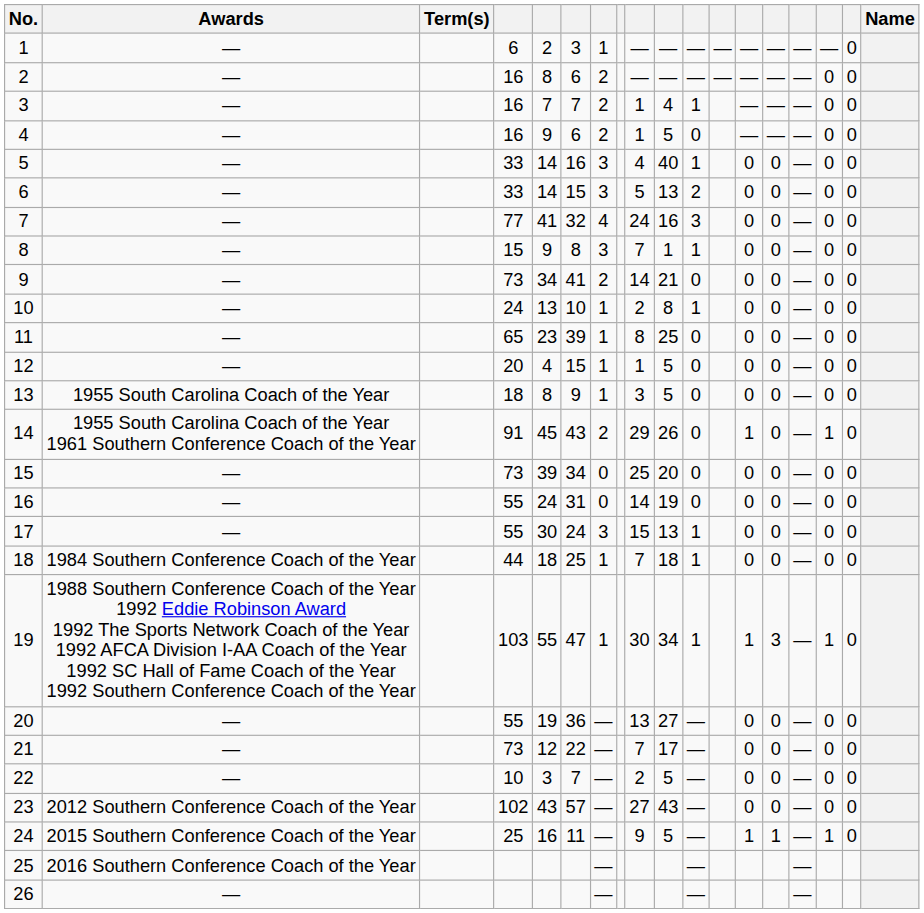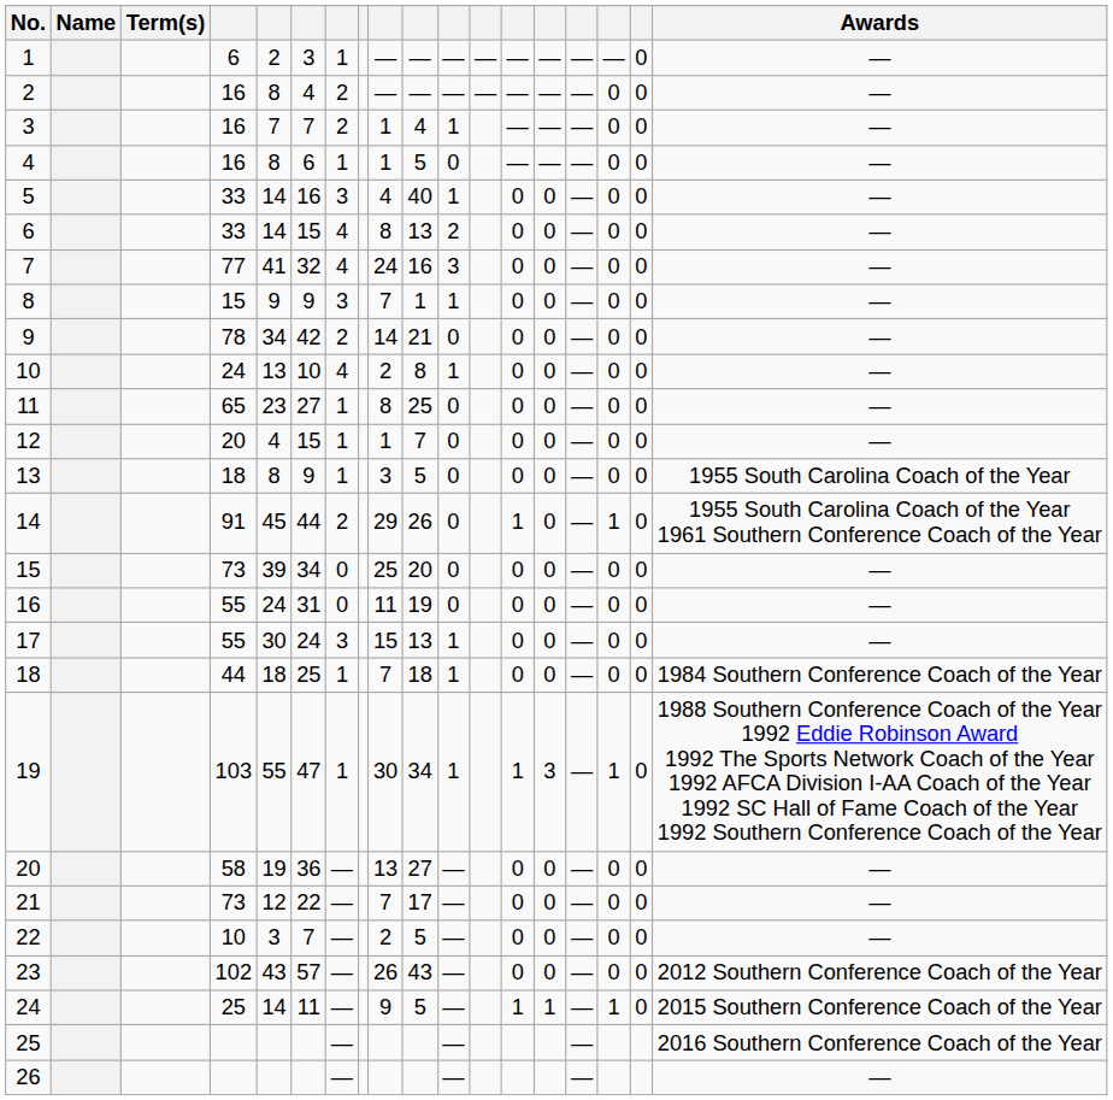 <table class="wikitable sortable" style="text-align:center">
 <tr>
 <th scope="col">No.</th>
-<th scope="col" class="unsortable">Awards</th>
+<th scope="col">Name</th>
 <th scope="col">Term(s)</th>
 <th scope="col"></th>
 <th scope="col"></th>
 <th scope="col"></th>
 <th scope="col"></th>
 <th scope="col"></th>
 <th scope="col"></th>
 <th scope="col"></th>
 <th scope="col"></th>
 <th scope="col"></th>
 <th scope="col"></th>
 <th scope="col"></th>
 <th scope="col"></th>
 <th scope="col"></th>
 <th scope="col"></th>
-<th scope="col">Name</th>
+<th scope="col" class="unsortable">Awards</th>
 </tr>
 <tr>
 <td>1</td>
-<td>—</td>
+<th scope="row"></th>
 <td></td>
 <td>6</td>
 <td>2</td>
 <td>3</td>
 <td>1</td>
 <td></td>
 <td>—</td>
 <td>—</td>
 <td>—</td>
 <td>—</td>
 <td>—</td>
 <td>—</td>
 <td>—</td>
 <td>—</td>
 <td>0</td>
-<th scope="row"></th>
+<td>—</td>
 </tr>
 <tr>
 <td>2</td>
-<td>—</td>
+<th scope="row"></th>
 <td></td>
 <td>16</td>
 <td>8</td>
-<td>6</td>
+<td>4</td>
 <td>2</td>
 <td></td>
 <td>—</td>
 <td>—</td>
 <td>—</td>
 <td>—</td>
 <td>—</td>
 <td>—</td>
 <td>—</td>
 <td>0</td>
 <td>0</td>
-<th scope="row"></th>
+<td>—</td>
 </tr>
 <tr>
 <td>3</td>
-<td>—</td>
+<th scope="row"></th>
 <td></td>
 <td>16</td>
 <td>7</td>
 <td>7</td>
 <td>2</td>
 <td></td>
 <td>1</td>
 <td>4</td>
 <td>1</td>
 <td></td>
 <td>—</td>
 <td>—</td>
 <td>—</td>
 <td>0</td>
 <td>0</td>
-<th scope="row"></th>
+<td>—</td>
 </tr>
 <tr>
 <td>4</td>
-<td>—</td>
+<th scope="row"></th>
 <td></td>
 <td>16</td>
-<td>9</td>
+<td>8</td>
 <td>6</td>
-<td>2</td>
+<td>1</td>
 <td></td>
 <td>1</td>
 <td>5</td>
 <td>0</td>
 <td></td>
 <td>—</td>
 <td>—</td>
 <td>—</td>
 <td>0</td>
 <td>0</td>
-<th scope="row"></th>
+<td>—</td>
 </tr>
 <tr>
 <td>5</td>
-<td>—</td>
+<th scope="row"></th>
 <td></td>
 <td>33</td>
 <td>14</td>
 <td>16</td>
 <td>3</td>
 <td></td>
 <td>4</td>
 <td>40</td>
 <td>1</td>
 <td></td>
 <td>0</td>
 <td>0</td>
 <td>—</td>
 <td>0</td>
 <td>0</td>
-<th scope="row"></th>
+<td>—</td>
 </tr>
 <tr>
 <td>6</td>
-<td>—</td>
+<th scope="row"></th>
 <td></td>
 <td>33</td>
 <td>14</td>
 <td>15</td>
-<td>3</td>
+<td>4</td>
 <td></td>
-<td>5</td>
+<td>8</td>
 <td>13</td>
 <td>2</td>
 <td></td>
 <td>0</td>
 <td>0</td>
 <td>—</td>
 <td>0</td>
 <td>0</td>
-<th scope="row"></th>
+<td>—</td>
 </tr>
 <tr>
 <td>7</td>
-<td>—</td>
+<th scope="row"></th>
 <td></td>
 <td>77</td>
 <td>41</td>
 <td>32</td>
 <td>4</td>
 <td></td>
 <td>24</td>
 <td>16</td>
 <td>3</td>
 <td></td>
 <td>0</td>
 <td>0</td>
 <td>—</td>
 <td>0</td>
 <td>0</td>
-<th scope="row"></th>
+<td>—</td>
 </tr>
 <tr>
 <td>8</td>
-<td>—</td>
+<th scope="row"></th>
 <td></td>
 <td>15</td>
 <td>9</td>
-<td>8</td>
+<td>9</td>
 <td>3</td>
 <td></td>
 <td>7</td>
 <td>1</td>
 <td>1</td>
 <td></td>
 <td>0</td>
 <td>0</td>
 <td>—</td>
 <td>0</td>
 <td>0</td>
-<th scope="row"></th>
+<td>—</td>
 </tr>
 <tr>
 <td>9</td>
-<td>—</td>
+<th scope="row"></th>
 <td></td>
-<td>73</td>
+<td>78</td>
 <td>34</td>
-<td>41</td>
+<td>42</td>
 <td>2</td>
 <td></td>
 <td>14</td>
 <td>21</td>
 <td>0</td>
 <td></td>
 <td>0</td>
 <td>0</td>
 <td>—</td>
 <td>0</td>
 <td>0</td>
-<th scope="row"></th>
+<td>—</td>
 </tr>
 <tr>
 <td>10</td>
-<td>—</td>
+<th scope="row"></th>
 <td></td>
 <td>24</td>
 <td>13</td>
 <td>10</td>
-<td>1</td>
+<td>4</td>
 <td></td>
 <td>2</td>
 <td>8</td>
 <td>1</td>
 <td></td>
 <td>0</td>
 <td>0</td>
 <td>—</td>
 <td>0</td>
 <td>0</td>
-<th scope="row"></th>
+<td>—</td>
 </tr>
 <tr>
 <td>11</td>
-<td>—</td>
+<th scope="row"></th>
 <td></td>
 <td>65</td>
 <td>23</td>
-<td>39</td>
+<td>27</td>
 <td>1</td>
 <td></td>
 <td>8</td>
 <td>25</td>
 <td>0</td>
 <td></td>
 <td>0</td>
 <td>0</td>
 <td>—</td>
 <td>0</td>
 <td>0</td>
-<th scope="row"></th>
+<td>—</td>
 </tr>
 <tr>
 <td>12</td>
-<td>—</td>
+<th scope="row"></th>
 <td></td>
 <td>20</td>
 <td>4</td>
 <td>15</td>
 <td>1</td>
 <td></td>
 <td>1</td>
-<td>5</td>
+<td>7</td>
 <td>0</td>
 <td></td>
 <td>0</td>
 <td>0</td>
 <td>—</td>
 <td>0</td>
 <td>0</td>
-<th scope="row"></th>
+<td>—</td>
 </tr>
 <tr>
 <td>13</td>
-<td>1955 South Carolina Coach of the Year</td>
+<th scope="row"></th>
 <td></td>
 <td>18</td>
 <td>8</td>
 <td>9</td>
 <td>1</td>
 <td></td>
 <td>3</td>
 <td>5</td>
 <td>0</td>
 <td></td>
 <td>0</td>
 <td>0</td>
 <td>—</td>
 <td>0</td>
 <td>0</td>
-<th scope="row"></th>
+<td>1955 South Carolina Coach of the Year</td>
 </tr>
 <tr>
 <td>14</td>
-<td>1955 South Carolina Coach of the Year<br>1961 Southern Conference Coach of the Year</td>
+<th scope="row"></th>
 <td></td>
 <td>91</td>
 <td>45</td>
-<td>43</td>
+<td>44</td>
 <td>2</td>
 <td></td>
 <td>29</td>
 <td>26</td>
 <td>0</td>
 <td></td>
 <td>1</td>
 <td>0</td>
 <td>—</td>
 <td>1</td>
 <td>0</td>
-<th scope="row"></th>
+<td>1955 South Carolina Coach of the Year<br>1961 Southern Conference Coach of the Year</td>
 </tr>
 <tr>
 <td>15</td>
-<td>—</td>
+<th scope="row"></th>
 <td></td>
 <td>73</td>
 <td>39</td>
 <td>34</td>
 <td>0</td>
 <td></td>
 <td>25</td>
 <td>20</td>
 <td>0</td>
 <td></td>
 <td>0</td>
 <td>0</td>
 <td>—</td>
 <td>0</td>
 <td>0</td>
-<th scope="row"></th>
+<td>—</td>
 </tr>
 <tr>
 <td>16</td>
-<td>—</td>
+<th scope="row"></th>
 <td></td>
 <td>55</td>
 <td>24</td>
 <td>31</td>
 <td>0</td>
 <td></td>
-<td>14</td>
+<td>11</td>
 <td>19</td>
 <td>0</td>
 <td></td>
 <td>0</td>
 <td>0</td>
 <td>—</td>
 <td>0</td>
 <td>0</td>
-<th scope="row"></th>
+<td>—</td>
 </tr>
 <tr>
 <td>17</td>
-<td>—</td>
+<th scope="row"></th>
 <td></td>
 <td>55</td>
 <td>30</td>
 <td>24</td>
 <td>3</td>
 <td></td>
 <td>15</td>
 <td>13</td>
 <td>1</td>
 <td></td>
 <td>0</td>
 <td>0</td>
 <td>—</td>
 <td>0</td>
 <td>0</td>
-<th scope="row"></th>
+<td>—</td>
 </tr>
 <tr>
 <td>18</td>
-<td>1984 Southern Conference Coach of the Year</td>
+<th scope="row"></th>
 <td></td>
 <td>44</td>
 <td>18</td>
 <td>25</td>
 <td>1</td>
 <td></td>
 <td>7</td>
 <td>18</td>
 <td>1</td>
 <td></td>
 <td>0</td>
 <td>0</td>
 <td>—</td>
 <td>0</td>
 <td>0</td>
-<th scope="row"></th>
+<td>1984 Southern Conference Coach of the Year</td>
 </tr>
 <tr>
 <td>19</td>
-<td>1988 Southern Conference Coach of the Year<br>1992 <a href='#'>Eddie Robinson Award</a><br>1992 The Sports Network Coach of the Year<br>1992 AFCA Division I-AA Coach of the Year<br>1992 SC Hall of Fame Coach of the Year<br>1992 Southern Conference Coach of the Year</td>
+<th scope="row"></th>
 <td></td>
 <td>103</td>
 <td>55</td>
 <td>47</td>
 <td>1</td>
 <td></td>
 <td>30</td>
 <td>34</td>
 <td>1</td>
 <td></td>
 <td>1</td>
 <td>3</td>
 <td>—</td>
 <td>1</td>
 <td>0</td>
-<th scope="row"></th>
+<td>1988 Southern Conference Coach of the Year<br>1992 <a href='#'>Eddie Robinson Award</a><br>1992 The Sports Network Coach of the Year<br>1992 AFCA Division I-AA Coach of the Year<br>1992 SC Hall of Fame Coach of the Year<br>1992 Southern Conference Coach of the Year</td>
 </tr>
 <tr>
 <td>20</td>
-<td>—</td>
+<th scope="row"></th>
 <td></td>
-<td>55</td>
+<td>58</td>
 <td>19</td>
 <td>36</td>
 <td>—</td>
 <td></td>
 <td>13</td>
 <td>27</td>
 <td>—</td>
 <td></td>
 <td>0</td>
 <td>0</td>
 <td>—</td>
 <td>0</td>
 <td>0</td>
-<th scope="row"></th>
+<td>—</td>
 </tr>
 <tr>
 <td>21</td>
-<td>—</td>
+<th scope="row"></th>
 <td></td>
 <td>73</td>
 <td>12</td>
 <td>22</td>
 <td>—</td>
 <td></td>
 <td>7</td>
 <td>17</td>
 <td>—</td>
 <td></td>
 <td>0</td>
 <td>0</td>
 <td>—</td>
 <td>0</td>
 <td>0</td>
-<th scope="row"></th>
+<td>—</td>
 </tr>
 <tr>
 <td>22</td>
-<td>—</td>
+<th scope="row"></th>
 <td></td>
 <td>10</td>
 <td>3</td>
 <td>7</td>
 <td>—</td>
 <td></td>
 <td>2</td>
 <td>5</td>
 <td>—</td>
 <td></td>
 <td>0</td>
 <td>0</td>
 <td>—</td>
 <td>0</td>
 <td>0</td>
-<th scope="row"></th>
+<td>—</td>
 </tr>
 <tr>
 <td>23</td>
-<td>2012 Southern Conference Coach of the Year</td>
+<th scope="row"></th>
 <td></td>
 <td>102</td>
 <td>43</td>
 <td>57</td>
 <td>—</td>
 <td></td>
-<td>27</td>
+<td>26</td>
 <td>43</td>
 <td>—</td>
 <td></td>
 <td>0</td>
 <td>0</td>
 <td>—</td>
 <td>0</td>
 <td>0</td>
-<th scope="row"></th>
+<td>2012 Southern Conference Coach of the Year</td>
 </tr>
 <tr>
 <td>24</td>
-<td>2015 Southern Conference Coach of the Year</td>
+<th scope="row"></th>
 <td></td>
 <td>25</td>
-<td>16</td>
+<td>14</td>
 <td>11</td>
 <td>—</td>
 <td></td>
 <td>9</td>
 <td>5</td>
 <td>—</td>
 <td></td>
 <td>1</td>
 <td>1</td>
 <td>—</td>
 <td>1</td>
 <td>0</td>
-<th scope="row"></th>
+<td>2015 Southern Conference Coach of the Year</td>
 </tr>
 <tr>
 <td>25</td>
-<td>2016 Southern Conference Coach of the Year</td>
+<th scope="row"></th>
 <td></td>
 <td></td>
 <td></td>
 <td></td>
 <td>—</td>
 <td></td>
 <td></td>
 <td></td>
 <td>—</td>
 <td></td>
 <td></td>
 <td></td>
 <td>—</td>
 <td></td>
 <td></td>
-<th scope="row"></th>
+<td>2016 Southern Conference Coach of the Year</td>
 </tr>
 <tr>
 <td>26</td>
-<td>—</td>
+<th scope="row"></th>
 <td></td>
 <td></td>
 <td></td>
 <td></td>
 <td>—</td>
 <td></td>
 <td></td>
 <td></td>
 <td>—</td>
 <td></td>
 <td></td>
 <td></td>
 <td>—</td>
 <td></td>
 <td></td>
-<th scope="row"></th>
+<td>—</td>
 </tr>
 </table>
